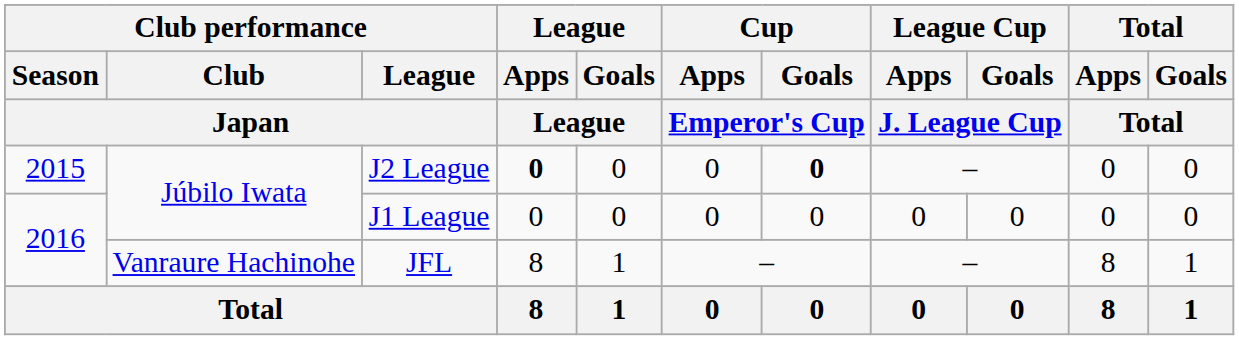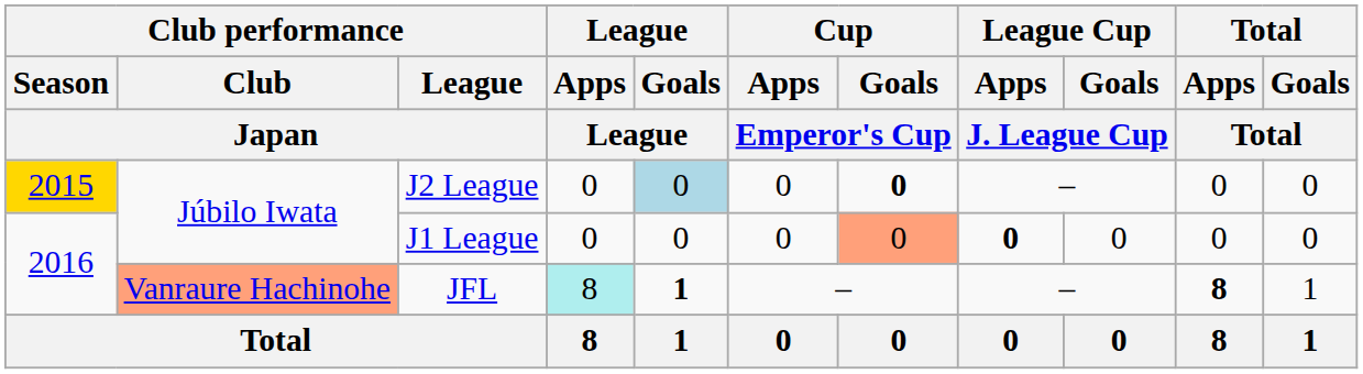 <table class="wikitable" style="text-align:center;">
 <tr>
 <th colspan=3>Club performance</th>
 <th colspan=2>League</th>
 <th colspan=2>Cup</th>
 <th colspan=2>League Cup</th>
 <th colspan=2>Total</th>
 </tr>
 <tr>
 <th>Season</th>
 <th>Club</th>
 <th>League</th>
 <th>Apps</th>
 <th>Goals</th>
 <th>Apps</th>
 <th>Goals</th>
 <th>Apps</th>
 <th>Goals</th>
 <th>Apps</th>
 <th>Goals</th>
 </tr>
 <tr>
 <th colspan=3>Japan</th>
 <th colspan=2>League</th>
 <th colspan=2><a href='#'>Emperor's Cup</a></th>
 <th colspan=2><a href='#'>J. League Cup</a></th>
 <th colspan=2>Total</th>
 </tr>
 <tr>
-<td><a href='#'>2015</a></td>
+<td style="background: gold;"><a href='#'>2015</a></td>
 <td rowspan="2"><a href='#'>Júbilo Iwata</a></td>
 <td><a href='#'>J2 League</a></td>
-<td><strong>0</strong></td>
 <td>0</td>
+<td style="background: lightblue;">0</td>
 <td>0</td>
 <td><strong>0</strong></td>
 <td colspan="2">–</td>
 <td>0</td>
 <td>0</td>
 </tr>
 <tr>
 <td rowspan="2"><a href='#'>2016</a></td>
 <td><a href='#'>J1 League</a></td>
 <td>0</td>
 <td>0</td>
 <td>0</td>
-<td>0</td>
-<td>0</td>
+<td style="background: lightsalmon;">0</td>
+<td><strong>0</strong></td>
 <td>0</td>
 <td>0</td>
 <td>0</td>
 </tr>
 <tr>
-<td><a href='#'>Vanraure Hachinohe</a></td>
+<td style="background: lightsalmon;"><a href='#'>Vanraure Hachinohe</a></td>
 <td><a href='#'>JFL</a></td>
-<td>8</td>
-<td>1</td>
+<td style="background: paleturquoise;">8</td>
+<td><strong>1</strong></td>
 <td colspan="2">–</td>
 <td colspan="2">–</td>
-<td>8</td>
+<td><strong>8</strong></td>
 <td>1</td>
 </tr>
 <tr>
 <th colspan=3>Total</th>
 <th>8</th>
 <th>1</th>
 <th>0</th>
 <th>0</th>
 <th>0</th>
 <th>0</th>
 <th>8</th>
 <th>1</th>
 </tr>
 </table>
